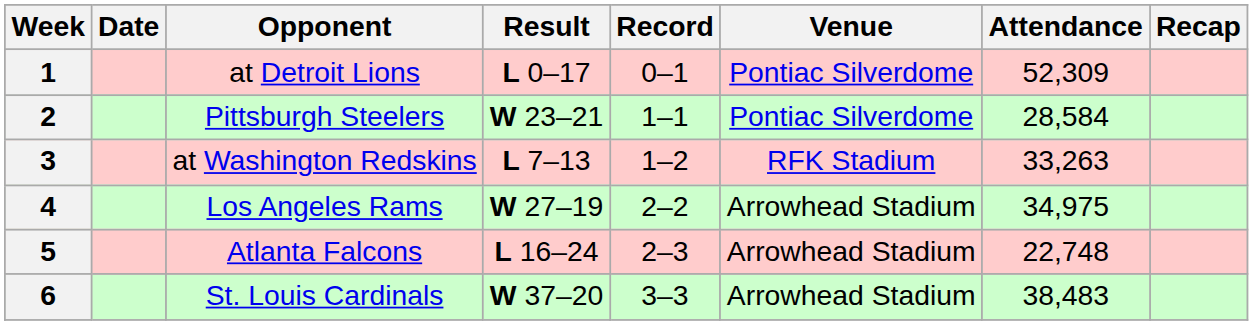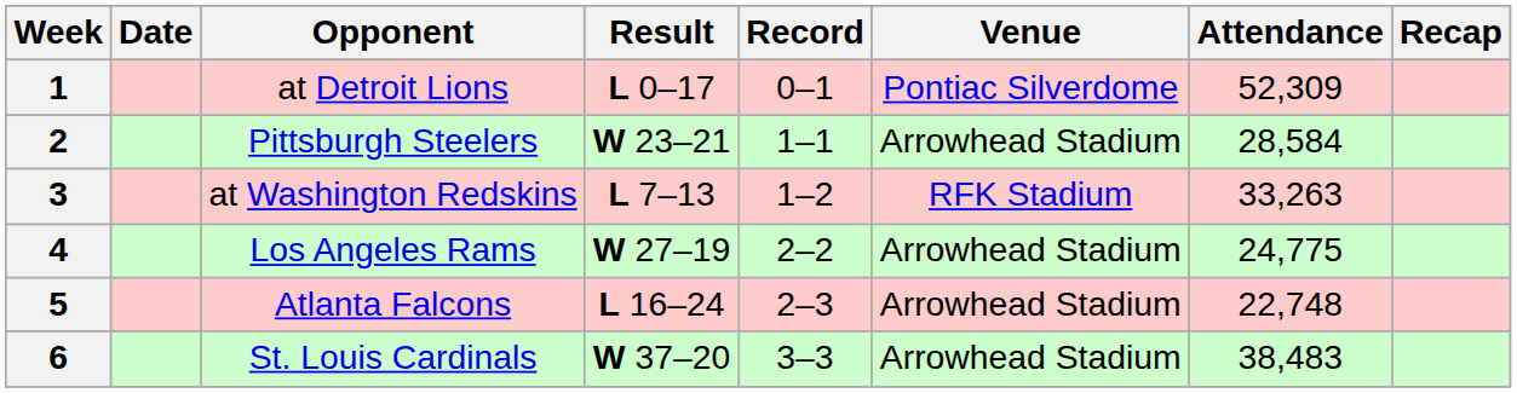 <table class="wikitable" style="text-align:center">
 <tr>
 <th>Week</th>
 <th>Date</th>
 <th>Opponent</th>
 <th>Result</th>
 <th>Record</th>
 <th>Venue</th>
 <th>Attendance</th>
 <th>Recap</th>
 </tr>
 <tr style="background:#fcc">
 <th>1</th>
 <td></td>
 <td>at <a href='#'>Detroit Lions</a></td>
 <td><strong>L</strong> 0–17</td>
 <td>0–1</td>
 <td><a href='#'>Pontiac Silverdome</a></td>
 <td>52,309</td>
 <td></td>
 </tr>
 <tr style="background:#cfc">
 <th>2</th>
 <td></td>
 <td><a href='#'>Pittsburgh Steelers</a></td>
 <td><strong>W</strong> 23–21</td>
 <td>1–1</td>
-<td><a href='#'>Pontiac Silverdome</a></td>
+<td>Arrowhead Stadium</td>
 <td>28,584</td>
 <td></td>
 </tr>
 <tr style="background:#fcc">
 <th>3</th>
 <td></td>
 <td>at <a href='#'>Washington Redskins</a></td>
 <td><strong>L</strong> 7–13</td>
 <td>1–2</td>
 <td><a href='#'>RFK Stadium</a></td>
 <td>33,263</td>
 <td></td>
 </tr>
 <tr style="background:#cfc">
 <th>4</th>
 <td></td>
 <td><a href='#'>Los Angeles Rams</a></td>
 <td><strong>W</strong> 27–19</td>
 <td>2–2</td>
 <td>Arrowhead Stadium</td>
-<td>34,975</td>
+<td>24,775</td>
 <td></td>
 </tr>
 <tr style="background:#fcc">
 <th>5</th>
 <td></td>
 <td><a href='#'>Atlanta Falcons</a></td>
 <td><strong>L</strong> 16–24</td>
 <td>2–3</td>
 <td>Arrowhead Stadium</td>
 <td>22,748</td>
 <td></td>
 </tr>
 <tr style="background:#cfc">
 <th>6</th>
 <td></td>
 <td><a href='#'>St. Louis Cardinals</a></td>
 <td><strong>W</strong> 37–20</td>
 <td>3–3</td>
 <td>Arrowhead Stadium</td>
 <td>38,483</td>
 <td></td>
 </tr>
 </table>
